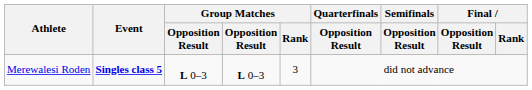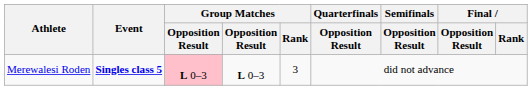 <table class=wikitable style="font-size:90%">
 <tr>
 <th rowspan="2">Athlete</th>
 <th rowspan="2">Event</th>
 <th colspan="3">Group Matches</th>
 <th>Quarterfinals</th>
 <th>Semifinals</th>
 <th colspan="2">Final / </th>
 </tr>
 <tr>
 <th>Opposition<br>Result</th>
 <th>Opposition<br>Result</th>
 <th>Rank</th>
 <th>Opposition<br>Result</th>
 <th>Opposition<br>Result</th>
 <th>Opposition<br>Result</th>
 <th>Rank</th>
 </tr>
 <tr align=center>
 <td align=left><a href='#'>Merewalesi Roden</a></td>
 <td align=left><strong><a href='#'>Singles class 5</a></strong></td>
-<td><br><strong>L</strong> 0–3</td>
+<td style="background: pink;"><br><strong>L</strong> 0–3</td>
 <td><br><strong>L</strong> 0–3</td>
 <td>3</td>
 <td colspan=4>did not advance</td>
 </tr>
 </table>
